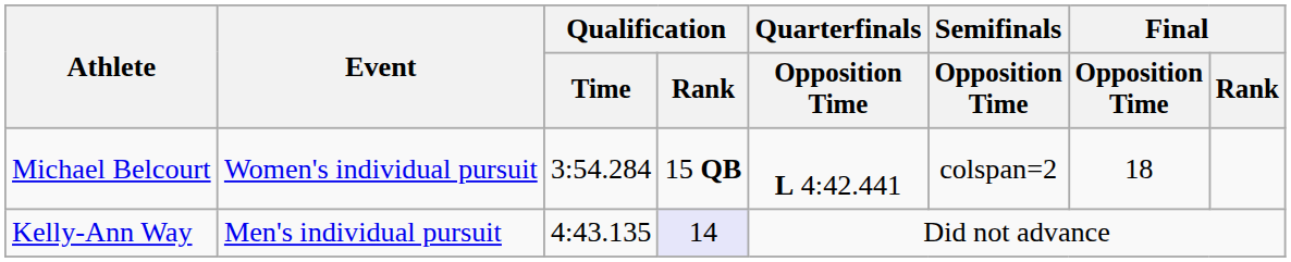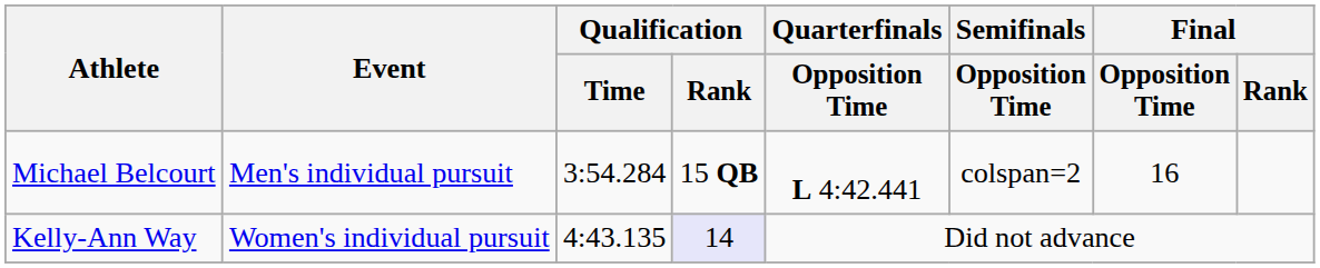 <table class="wikitable" style="font-size:90%">
 <tr>
 <th rowspan=2>Athlete</th>
 <th rowspan=2>Event</th>
 <th colspan=2>Qualification</th>
 <th>Quarterfinals</th>
 <th>Semifinals</th>
 <th colspan=2>Final</th>
 </tr>
 <tr style="font-size:95%">
 <th>Time</th>
 <th>Rank</th>
 <th>Opposition<br>Time</th>
 <th>Opposition<br>Time</th>
 <th>Opposition<br>Time</th>
 <th>Rank</th>
 </tr>
 <tr align=center>
 <td align=left><a href='#'>Michael Belcourt</a></td>
-<td align=left><a href='#'>Women's individual pursuit</a></td>
+<td align=left><a href='#'>Men's individual pursuit</a></td>
 <td>3:54.284</td>
 <td>15 <strong>QB</strong></td>
 <td><br><strong>L</strong> 4:42.441</td>
 <td>colspan=2</td>
-<td>18</td>
+<td>16</td>
 </tr>
 <tr align=center>
 <td align=left><a href='#'>Kelly-Ann Way</a></td>
-<td align=left><a href='#'>Men's individual pursuit</a></td>
+<td align=left><a href='#'>Women's individual pursuit</a></td>
 <td>4:43.135</td>
 <td style="background: lavender;">14</td>
 <td colspan=4>Did not advance</td>
 </tr>
 </table>
